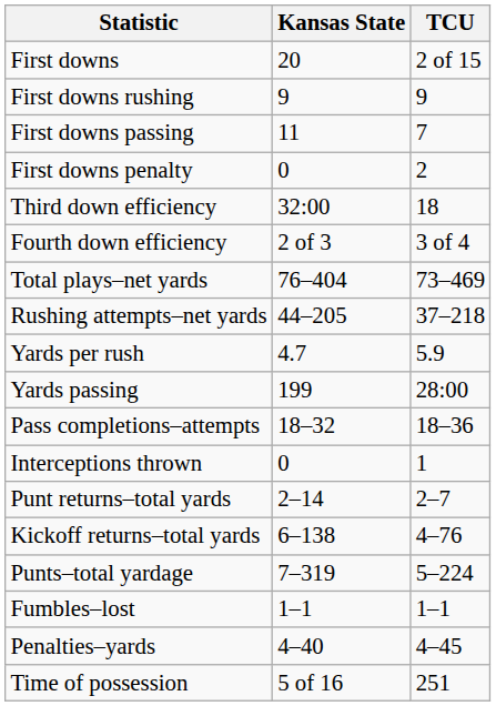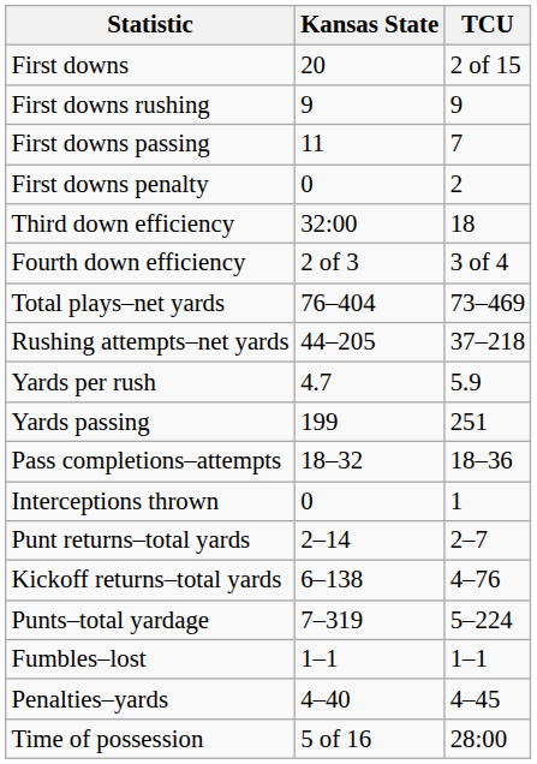 <table class="wikitable">
 <tr>
 <th>Statistic</th>
 <th><strong>Kansas State</strong></th>
 <th><strong>TCU</strong></th>
 </tr>
 <tr>
 <td>First downs</td>
 <td>20</td>
 <td>2 of 15</td>
 </tr>
 <tr>
 <td>First downs rushing</td>
 <td>9</td>
 <td>9</td>
 </tr>
 <tr>
 <td>First downs passing</td>
 <td>11</td>
 <td>7</td>
 </tr>
 <tr>
 <td>First downs penalty</td>
 <td>0</td>
 <td>2</td>
 </tr>
 <tr>
 <td>Third down efficiency</td>
 <td>32:00</td>
 <td>18</td>
 </tr>
 <tr>
 <td>Fourth down efficiency</td>
 <td>2 of 3</td>
 <td>3 of 4</td>
 </tr>
 <tr>
 <td>Total plays–net yards</td>
 <td>76–404</td>
 <td>73–469</td>
 </tr>
 <tr>
 <td>Rushing attempts–net yards</td>
 <td>44–205</td>
 <td>37–218</td>
 </tr>
 <tr>
 <td>Yards per rush</td>
 <td>4.7</td>
 <td>5.9</td>
 </tr>
 <tr>
 <td>Yards passing</td>
 <td>199</td>
-<td>28:00</td>
+<td>251</td>
 </tr>
 <tr>
 <td>Pass completions–attempts</td>
 <td>18–32</td>
 <td>18–36</td>
 </tr>
 <tr>
 <td>Interceptions thrown</td>
 <td>0</td>
 <td>1</td>
 </tr>
 <tr>
 <td>Punt returns–total yards</td>
 <td>2–14</td>
 <td>2–7</td>
 </tr>
 <tr>
 <td>Kickoff returns–total yards</td>
 <td>6–138</td>
 <td>4–76</td>
 </tr>
 <tr>
 <td>Punts–total yardage</td>
 <td>7–319</td>
 <td>5–224</td>
 </tr>
 <tr>
 <td>Fumbles–lost</td>
 <td>1–1</td>
 <td>1–1</td>
 </tr>
 <tr>
 <td>Penalties–yards</td>
 <td>4–40</td>
 <td>4–45</td>
 </tr>
 <tr>
 <td>Time of possession</td>
 <td>5 of 16</td>
-<td>251</td>
+<td>28:00</td>
 </tr>
 </table>
